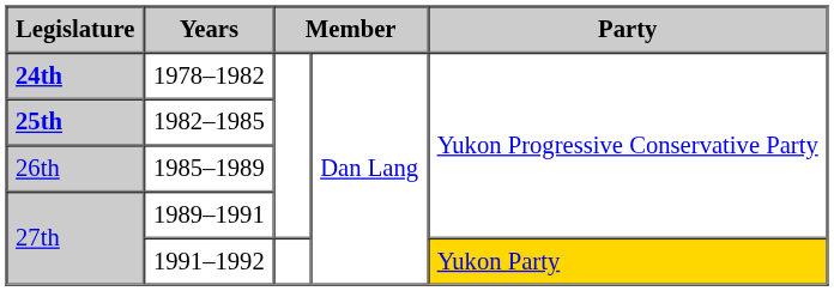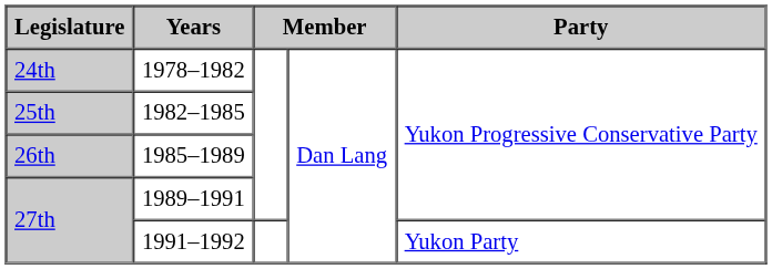 <table border=1 cellpadding=5 cellspacing=0>
 <tr bgcolor="CCCCCC">
 <th>Legislature</th>
 <th>Years</th>
 <th colspan="2">Member</th>
 <th>Party</th>
 </tr>
 <tr>
-<td bgcolor="CCCCCC"><strong><a href='#'>24th</a></strong></td>
+<td bgcolor="CCCCCC"><a href='#'>24th</a></td>
 <td>1978–1982</td>
 <td rowspan="4" >   </td>
 <td rowspan="5"><a href='#'>Dan Lang</a></td>
 <td rowspan="4"><a href='#'>Yukon Progressive Conservative Party</a></td>
 </tr>
 <tr>
-<td bgcolor="CCCCCC"><strong><a href='#'>25th</a></strong></td>
+<td bgcolor="CCCCCC"><a href='#'>25th</a></td>
 <td>1982–1985</td>
 </tr>
 <tr>
 <td bgcolor="CCCCCC"><a href='#'>26th</a></td>
 <td>1985–1989</td>
 </tr>
 <tr>
 <td bgcolor="CCCCCC" rowspan="2"><a href='#'>27th</a></td>
 <td>1989–1991</td>
 </tr>
 <tr>
 <td>1991–1992</td>
 <td>   </td>
-<td style="background: gold;"><a href='#'>Yukon Party</a></td>
+<td><a href='#'>Yukon Party</a></td>
 </tr>
 </table>
